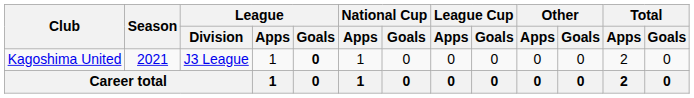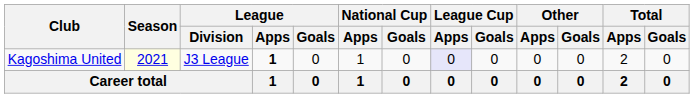 <table class="wikitable" style="text-align: center">
 <tr>
 <th rowspan="2">Club</th>
 <th rowspan="2">Season</th>
 <th colspan="3">League</th>
 <th colspan="2">National Cup</th>
 <th colspan="2">League Cup</th>
 <th colspan="2">Other</th>
 <th colspan="2">Total</th>
 </tr>
 <tr>
 <th>Division</th>
 <th>Apps</th>
 <th>Goals</th>
 <th>Apps</th>
 <th>Goals</th>
 <th>Apps</th>
 <th>Goals</th>
 <th>Apps</th>
 <th>Goals</th>
 <th>Apps</th>
 <th>Goals</th>
 </tr>
 <tr>
 <td><a href='#'>Kagoshima United</a></td>
-<td><a href='#'>2021</a></td>
+<td style="background: lightyellow;"><a href='#'>2021</a></td>
 <td><a href='#'>J3 League</a></td>
-<td>1</td>
-<td><strong>0</strong></td>
+<td><strong>1</strong></td>
+<td>0</td>
 <td>1</td>
 <td>0</td>
-<td>0</td>
+<td style="background: lavender;">0</td>
 <td>0</td>
 <td>0</td>
 <td>0</td>
 <td>2</td>
 <td>0</td>
 </tr>
 <tr>
 <th colspan=3>Career total</th>
 <th>1</th>
 <th>0</th>
 <th>1</th>
 <th>0</th>
 <th>0</th>
 <th>0</th>
 <th>0</th>
 <th>0</th>
 <th>2</th>
 <th>0</th>
 </tr>
 </table>
